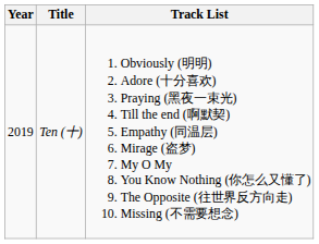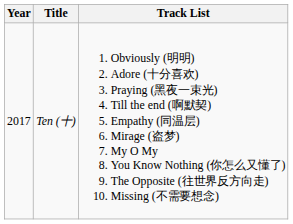 <table class="wikitable">
 <tr>
 <th>Year</th>
 <th>Title</th>
 <th>Track List</th>
 </tr>
 <tr>
-<td>2019</td>
+<td>2017</td>
 <td><em>Ten (十)</em></td>
 <td><br><ol><li>Obviously (明明) <br></li><li>Adore (十分喜欢) <br></li><li>Praying (黑夜一束光) <br></li><li>Till the end (啊默契) <br></li><li>Empathy (同温层) <br></li><li>Mirage (盗梦) <br></li><li>My O My <br></li><li>You Know Nothing (你怎么又懂了) <br></li><li>The Opposite (往世界反方向走) <br></li><li>Missing (不需要想念) <br></li></ol></td>
 </tr>
 </table>
